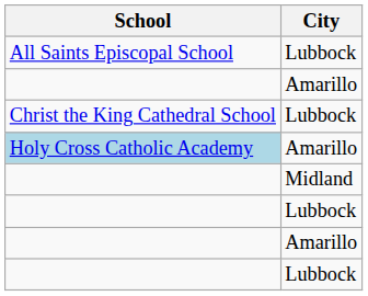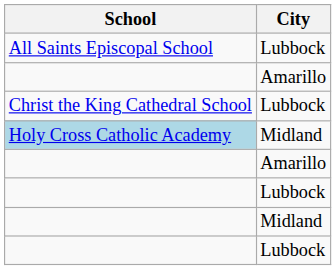 <table class="wikitable">
 <tr>
 <th>School</th>
 <th>City</th>
 </tr>
 <tr>
 <td><a href='#'>All Saints Episcopal School</a></td>
 <td>Lubbock</td>
 </tr>
 <tr>
 <td></td>
 <td>Amarillo</td>
 </tr>
 <tr>
 <td><a href='#'>Christ the King Cathedral School</a></td>
 <td>Lubbock</td>
 </tr>
 <tr>
 <td style="background: lightblue;"><a href='#'>Holy Cross Catholic Academy</a></td>
+<td>Midland</td>
+</tr>
+<tr>
+<td></td>
 <td>Amarillo</td>
+</tr>
+<tr>
+<td></td>
+<td>Lubbock</td>
 </tr>
 <tr>
 <td></td>
 <td>Midland</td>
 </tr>
 <tr>
 <td></td>
 <td>Lubbock</td>
 </tr>
-<tr>
-<td></td>
-<td>Amarillo</td>
-</tr>
-<tr>
-<td></td>
-<td>Lubbock</td>
-</tr>
 </table>
